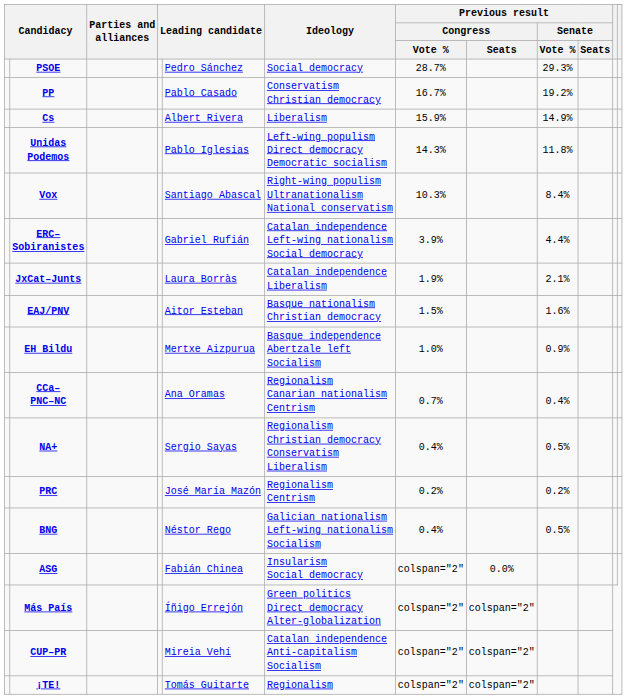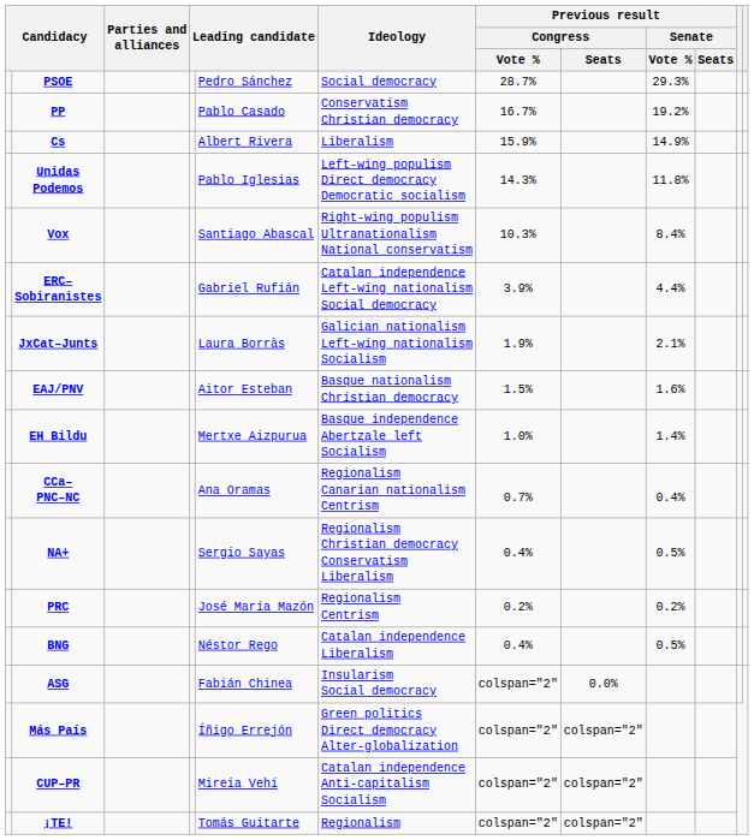 <table class="wikitable" style="line-height:1.35em; text-align:left;">
 <tr>
 <th colspan="2" rowspan="3">Candidacy</th>
 <th rowspan="3">Parties and<br>alliances</th>
 <th colspan="2" rowspan="3">Leading candidate</th>
 <th rowspan="3">Ideology</th>
 <th colspan="4">Previous result</th>
 <th rowspan="3"></th>
 <th rowspan="3"></th>
 </tr>
 <tr>
 <th colspan="2">Congress</th>
 <th colspan="2">Senate</th>
 </tr>
 <tr>
 <th>Vote %</th>
 <th>Seats</th>
 <th>Vote %</th>
 <th>Seats</th>
 </tr>
 <tr>
 <td width="1" style="color:inherit;background:"></td>
 <td align="center"><strong><a href='#'>PSOE</a></strong></td>
 <td></td>
 <td></td>
 <td><a href='#'>Pedro Sánchez</a></td>
 <td><a href='#'>Social democracy</a></td>
 <td align="center">28.7%</td>
 <td></td>
 <td align="center">29.3%</td>
 <td></td>
 <td></td>
 <td></td>
 </tr>
 <tr>
 <td style="color:inherit;background:"></td>
 <td align="center"><strong><a href='#'>PP</a></strong></td>
 <td></td>
 <td></td>
 <td><a href='#'>Pablo Casado</a></td>
 <td><a href='#'>Conservatism</a><br><a href='#'>Christian democracy</a></td>
 <td align="center">16.7%</td>
 <td></td>
 <td align="center">19.2%</td>
 <td></td>
 <td></td>
 <td></td>
 </tr>
 <tr>
 <td style="color:inherit;background:"></td>
 <td align="center"><strong><a href='#'>Cs</a></strong></td>
 <td></td>
 <td></td>
 <td><a href='#'>Albert Rivera</a></td>
 <td><a href='#'>Liberalism</a></td>
 <td align="center">15.9%</td>
 <td></td>
 <td align="center">14.9%</td>
 <td></td>
 <td></td>
 <td></td>
 </tr>
 <tr>
 <td style="color:inherit;background:"></td>
 <td align="center"><strong><a href='#'>Unidas<br>Podemos</a></strong></td>
 <td></td>
 <td></td>
 <td><a href='#'>Pablo Iglesias</a></td>
 <td><a href='#'>Left-wing populism</a><br><a href='#'>Direct democracy</a><br><a href='#'>Democratic socialism</a></td>
 <td align="center">14.3%</td>
 <td></td>
 <td align="center">11.8%</td>
 <td></td>
 <td></td>
 <td></td>
 </tr>
 <tr>
 <td style="color:inherit;background:"></td>
 <td align="center"><strong><a href='#'>Vox</a></strong></td>
 <td></td>
 <td></td>
 <td><a href='#'>Santiago Abascal</a></td>
 <td><a href='#'>Right-wing populism</a><br><a href='#'>Ultranationalism</a><br><a href='#'>National conservatism</a></td>
 <td align="center">10.3%</td>
 <td></td>
 <td align="center">8.4%</td>
 <td></td>
 <td></td>
 <td></td>
 </tr>
 <tr>
 <td style="color:inherit;background:"></td>
 <td align="center"><strong><a href='#'>ERC–<br>Sobiranistes</a></strong></td>
 <td></td>
 <td></td>
 <td><a href='#'>Gabriel Rufián</a></td>
 <td><a href='#'>Catalan independence</a><br><a href='#'>Left-wing nationalism</a><br><a href='#'>Social democracy</a></td>
 <td align="center">3.9%</td>
 <td></td>
 <td align="center">4.4%</td>
 <td></td>
 <td></td>
 <td></td>
 </tr>
 <tr>
 <td style="color:inherit;background:"></td>
 <td align="center"><strong><a href='#'>JxCat–Junts</a></strong></td>
 <td></td>
 <td></td>
 <td><a href='#'>Laura Borràs</a></td>
-<td><a href='#'>Catalan independence</a><br><a href='#'>Liberalism</a></td>
+<td><a href='#'>Galician nationalism</a><br><a href='#'>Left-wing nationalism</a><br><a href='#'>Socialism</a></td>
 <td align="center">1.9%</td>
 <td></td>
 <td align="center">2.1%</td>
 <td></td>
 <td></td>
 <td></td>
 </tr>
 <tr>
 <td style="color:inherit;background:"></td>
 <td align="center"><strong><a href='#'>EAJ/PNV</a></strong></td>
 <td></td>
 <td></td>
 <td><a href='#'>Aitor Esteban</a></td>
 <td><a href='#'>Basque nationalism</a><br><a href='#'>Christian democracy</a></td>
 <td align="center">1.5%</td>
 <td></td>
 <td align="center">1.6%</td>
 <td></td>
 <td></td>
 <td></td>
 </tr>
 <tr>
 <td style="color:inherit;background:"></td>
 <td align="center"><strong><a href='#'>EH Bildu</a></strong></td>
 <td></td>
 <td></td>
 <td><a href='#'>Mertxe Aizpurua</a></td>
 <td><a href='#'>Basque independence</a><br><a href='#'>Abertzale left</a><br><a href='#'>Socialism</a></td>
 <td align="center">1.0%</td>
 <td></td>
-<td align="center">0.9%</td>
+<td align="center">1.4%</td>
 <td></td>
 <td></td>
 <td></td>
 </tr>
 <tr>
 <td style="color:inherit;background:"></td>
 <td align="center"><strong><a href='#'>CCa–<br>PNC–NC</a></strong></td>
 <td></td>
 <td></td>
 <td><a href='#'>Ana Oramas</a></td>
 <td><a href='#'>Regionalism</a><br><a href='#'>Canarian nationalism</a><br><a href='#'>Centrism</a></td>
 <td align="center"><br>0.7%<br></td>
 <td></td>
 <td align="center"><br>0.4%<br></td>
 <td></td>
 <td></td>
 <td></td>
 </tr>
 <tr>
 <td style="color:inherit;background:"></td>
 <td align="center"><strong><a href='#'>NA+</a></strong></td>
 <td></td>
 <td></td>
 <td><a href='#'>Sergio Sayas</a></td>
 <td><a href='#'>Regionalism</a><br><a href='#'>Christian democracy</a><br><a href='#'>Conservatism</a><br><a href='#'>Liberalism</a></td>
 <td align="center">0.4%</td>
 <td></td>
 <td align="center">0.5%</td>
 <td></td>
 <td></td>
 <td></td>
 </tr>
 <tr>
 <td style="color:inherit;background:"></td>
 <td align="center"><strong><a href='#'>PRC</a></strong></td>
 <td></td>
 <td></td>
 <td><a href='#'>José María Mazón</a></td>
 <td><a href='#'>Regionalism</a><br><a href='#'>Centrism</a></td>
 <td align="center">0.2%</td>
 <td></td>
 <td align="center">0.2%</td>
 <td></td>
 <td></td>
 <td></td>
 </tr>
 <tr>
 <td style="color:inherit;background:"></td>
 <td align="center"><strong><a href='#'>BNG</a></strong></td>
 <td></td>
 <td></td>
 <td><a href='#'>Néstor Rego</a></td>
-<td><a href='#'>Galician nationalism</a><br><a href='#'>Left-wing nationalism</a><br><a href='#'>Socialism</a></td>
+<td><a href='#'>Catalan independence</a><br><a href='#'>Liberalism</a></td>
 <td align="center">0.4%</td>
 <td></td>
 <td align="center">0.5%</td>
 <td></td>
 <td></td>
 <td></td>
 </tr>
 <tr>
 <td style="color:inherit;background:"></td>
 <td align="center"><strong><a href='#'>ASG</a></strong></td>
 <td></td>
 <td></td>
 <td><a href='#'>Fabián Chinea</a></td>
 <td><a href='#'>Insularism</a><br><a href='#'>Social democracy</a></td>
 <td>colspan="2" </td>
 <td align="center">0.0%</td>
 <td></td>
 <td></td>
 <td></td>
 </tr>
 <tr>
 <td style="color:inherit;background:"></td>
 <td align="center"><strong><a href='#'>Más País</a></strong></td>
 <td></td>
 <td></td>
 <td><a href='#'>Íñigo Errejón</a></td>
 <td><a href='#'>Green politics</a><br><a href='#'>Direct democracy</a><br><a href='#'>Alter-globalization</a></td>
 <td>colspan="2" </td>
 <td>colspan="2" </td>
 <td></td>
 <td><br><br><br></td>
 </tr>
 <tr>
 <td style="color:inherit;background:"></td>
 <td align="center"><strong><a href='#'>CUP–PR</a></strong></td>
 <td></td>
 <td></td>
 <td><a href='#'>Mireia Vehí</a></td>
 <td><a href='#'>Catalan independence</a><br><a href='#'>Anti-capitalism</a><br><a href='#'>Socialism</a></td>
 <td>colspan="2" </td>
 <td>colspan="2" </td>
 <td></td>
 <td><br><br></td>
 </tr>
 <tr>
 <td style="color:inherit;background:"></td>
 <td align="center"><strong><a href='#'>¡TE!</a></strong></td>
 <td></td>
 <td></td>
 <td><a href='#'>Tomás Guitarte</a></td>
 <td><a href='#'>Regionalism</a></td>
 <td>colspan="2" </td>
 <td>colspan="2" </td>
 <td></td>
 <td></td>
 </tr>
 </table>
